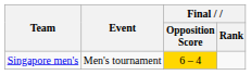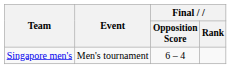 <table class="wikitable" style="font-size:90%;text-align:center">
 <tr>
 <th rowspan="2">Team</th>
 <th rowspan="2">Event</th>
 <th colspan="2">Final /  / </th>
 </tr>
 <tr style="font-size:95%">
 <th>Opposition<br>Score</th>
 <th>Rank</th>
 </tr>
 <tr>
 <td align="left"><a href='#'>Singapore men's</a></td>
 <td align="left">Men's tournament</td>
-<td style="background: gold;">6 – 4</td>
+<td>6 – 4</td>
 <td></td>
 </tr>
 </table>
